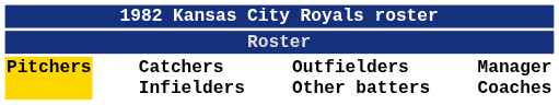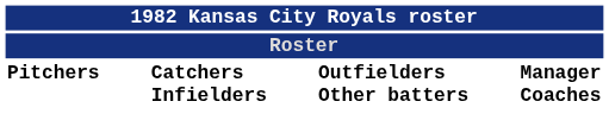 <table class="toccolours" style="font-size: 95%;">
 <tr>
 <th colspan="10" style="background-color: #15317E; color: #FFFFFF; text-align: center;">1982 Kansas City Royals roster</th>
 </tr>
 <tr>
 <td colspan="10" style="background-color: #15317E; color: #DFDCDA; text-align: center;"><strong>Roster</strong></td>
 </tr>
 <tr>
-<td valign="top" style="background: gold;"><strong>Pitchers</strong><br>              </td>
+<td valign="top"><strong>Pitchers</strong><br>              </td>
 <td width="25px"></td>
 <td valign="top"><strong>Catchers</strong><br>   <strong>Infielders</strong>             </td>
 <td width="25px"></td>
 <td valign="top"><strong>Outfielders</strong><br>        <strong>Other batters</strong> </td>
 <td width="25px"></td>
 <td valign="top"><strong>Manager</strong><br> <strong>Coaches</strong>     </td>
 </tr>
 <tr>
 </tr>
 </table>
